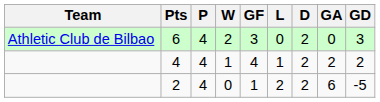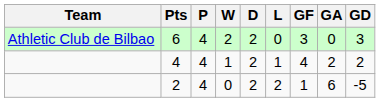 <table class="wikitable" style="text-align: center;">
 <tr>
 <th width="165">Team</th>
 <th width="20">Pts</th>
 <th width="20">P</th>
 <th width="20">W</th>
+<th width="20">D</th>
+<th width="20">L</th>
 <th width="20">GF</th>
-<th width="20">L</th>
-<th width="20">D</th>
 <th width="20">GA</th>
 <th width="20">GD</th>
 </tr>
 <tr bgcolor=ccffcc>
 <td style="text-align:left;"> <a href='#'>Athletic Club de Bilbao</a></td>
 <td>6</td>
 <td>4</td>
 <td>2</td>
+<td>2</td>
+<td>0</td>
 <td>3</td>
-<td>0</td>
-<td>2</td>
 <td>0</td>
 <td>3</td>
 </tr>
 <tr>
 <td></td>
 <td>4</td>
 <td>4</td>
 <td>1</td>
+<td>2</td>
+<td>1</td>
 <td>4</td>
-<td>1</td>
-<td>2</td>
 <td>2</td>
 <td>2</td>
 </tr>
 <tr>
 <td></td>
 <td>2</td>
 <td>4</td>
 <td>0</td>
-<td>1</td>
 <td>2</td>
 <td>2</td>
+<td>1</td>
 <td>6</td>
 <td>-5</td>
 </tr>
 </table>
